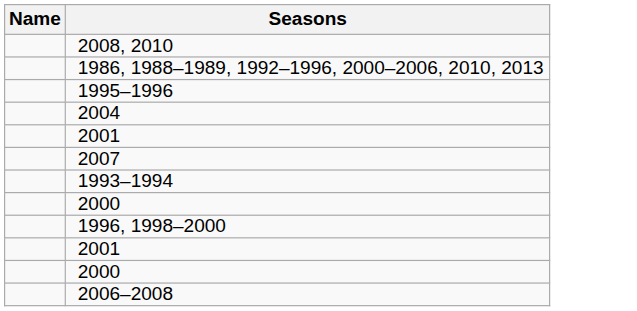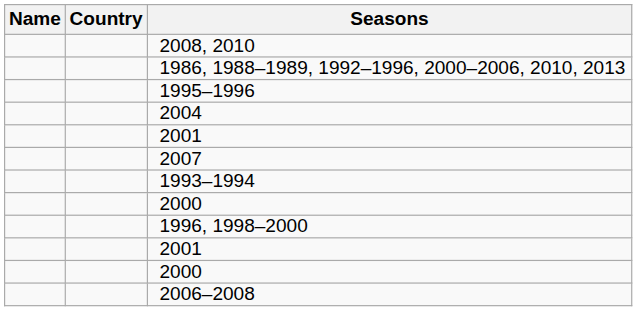 <table class="wikitable sortable" style="text-align:center style="font-size: 85%; line-height: 23px">
 <tr>
 <th scope=col>Name</th>
+<th scope=col>Country</th>
 <th scope=col>Seasons</th>
 </tr>
 <tr>
 <td align="left" style="padding: 0px 5px 0px 10px"></td>
+<td align="left"></td>
 <td style="padding: 0px 5px 0px 10px">2008, 2010</td>
 </tr>
 <tr>
 <td align="left" style="padding: 0px 5px 0px 10px"></td>
+<td align="left"></td>
 <td style="padding: 0px 5px 0px 10px">1986, 1988–1989, 1992–1996, 2000–2006, 2010, 2013</td>
 </tr>
 <tr>
 <td align="left" style="padding: 0px 5px 0px 10px"></td>
+<td align="left"></td>
 <td style="padding: 0px 5px 0px 10px">1995–1996</td>
 </tr>
 <tr>
 <td align="left" style="padding: 0px 5px 0px 10px"></td>
+<td align="left"></td>
 <td style="padding: 0px 5px 0px 10px">2004</td>
 </tr>
 <tr>
 <td align="left" style="padding: 0px 5px 0px 10px"></td>
+<td align="left"></td>
 <td style="padding: 0px 5px 0px 10px">2001</td>
 </tr>
 <tr>
 <td align="left" style="padding: 0px 5px 0px 10px"></td>
+<td align="left"></td>
 <td style="padding: 0px 5px 0px 10px">2007</td>
 </tr>
 <tr>
 <td align="left" style="padding: 0px 5px 0px 10px"></td>
+<td align="left"></td>
 <td style="padding: 0px 5px 0px 10px">1993–1994</td>
 </tr>
 <tr>
 <td align="left" style="padding: 0px 5px 0px 10px"></td>
+<td align="left"></td>
 <td style="padding: 0px 5px 0px 10px">2000</td>
 </tr>
 <tr>
 <td align="left" style="padding: 0px 5px 0px 10px"></td>
+<td align="left"></td>
 <td style="padding: 0px 5px 0px 10px">1996, 1998–2000</td>
 </tr>
 <tr>
 <td align="left" style="padding: 0px 5px 0px 10px"></td>
+<td align="left"></td>
 <td style="padding: 0px 5px 0px 10px">2001</td>
 </tr>
 <tr>
 <td align="left" style="padding: 0px 5px 0px 10px"></td>
+<td align="left"></td>
 <td style="padding: 0px 5px 0px 10px">2000</td>
 </tr>
 <tr>
 <td align="left" style="padding: 0px 5px 0px 10px"></td>
+<td align="left"></td>
 <td style="padding: 0px 5px 0px 10px">2006–2008</td>
 </tr>
 </table>
